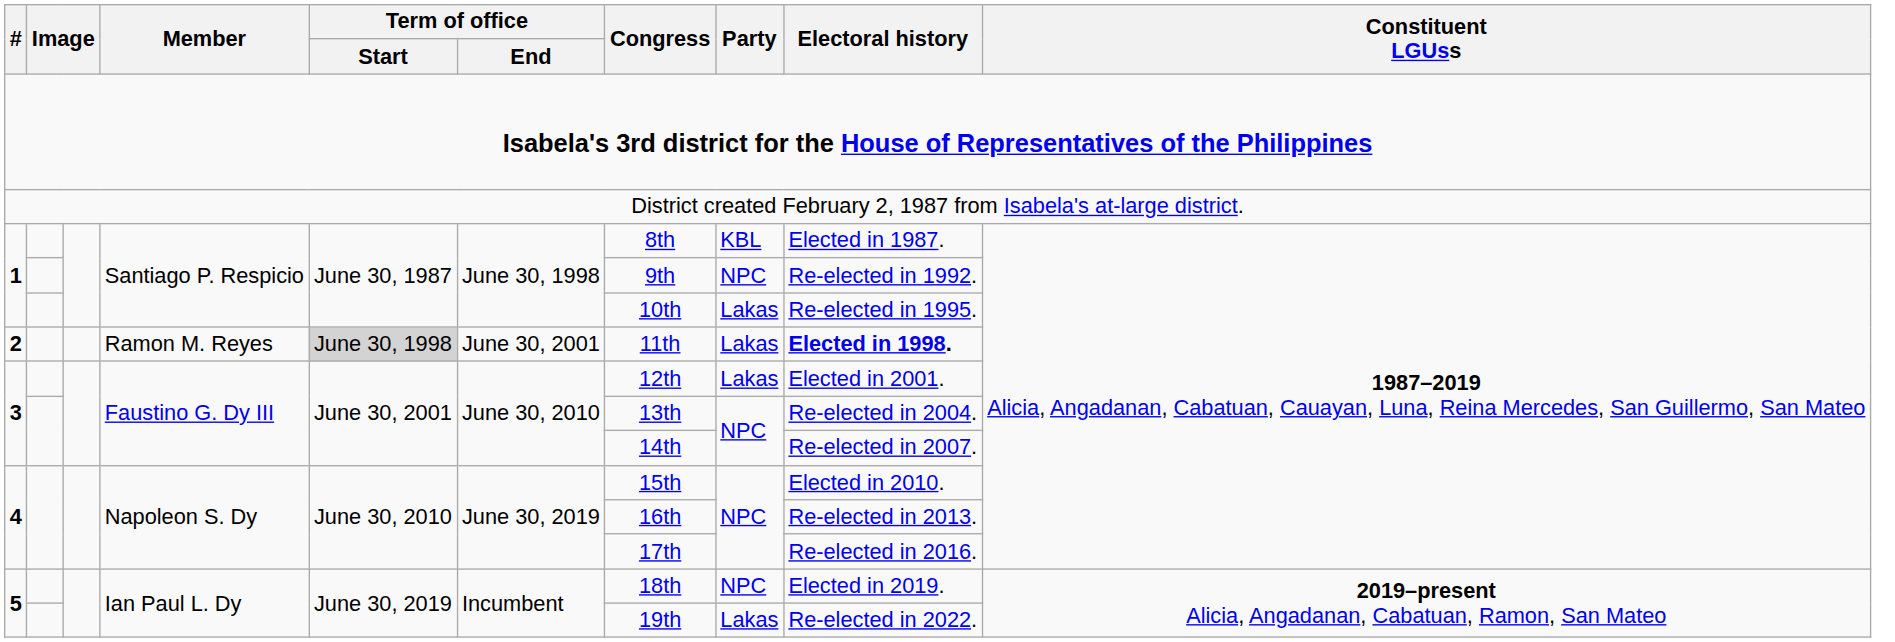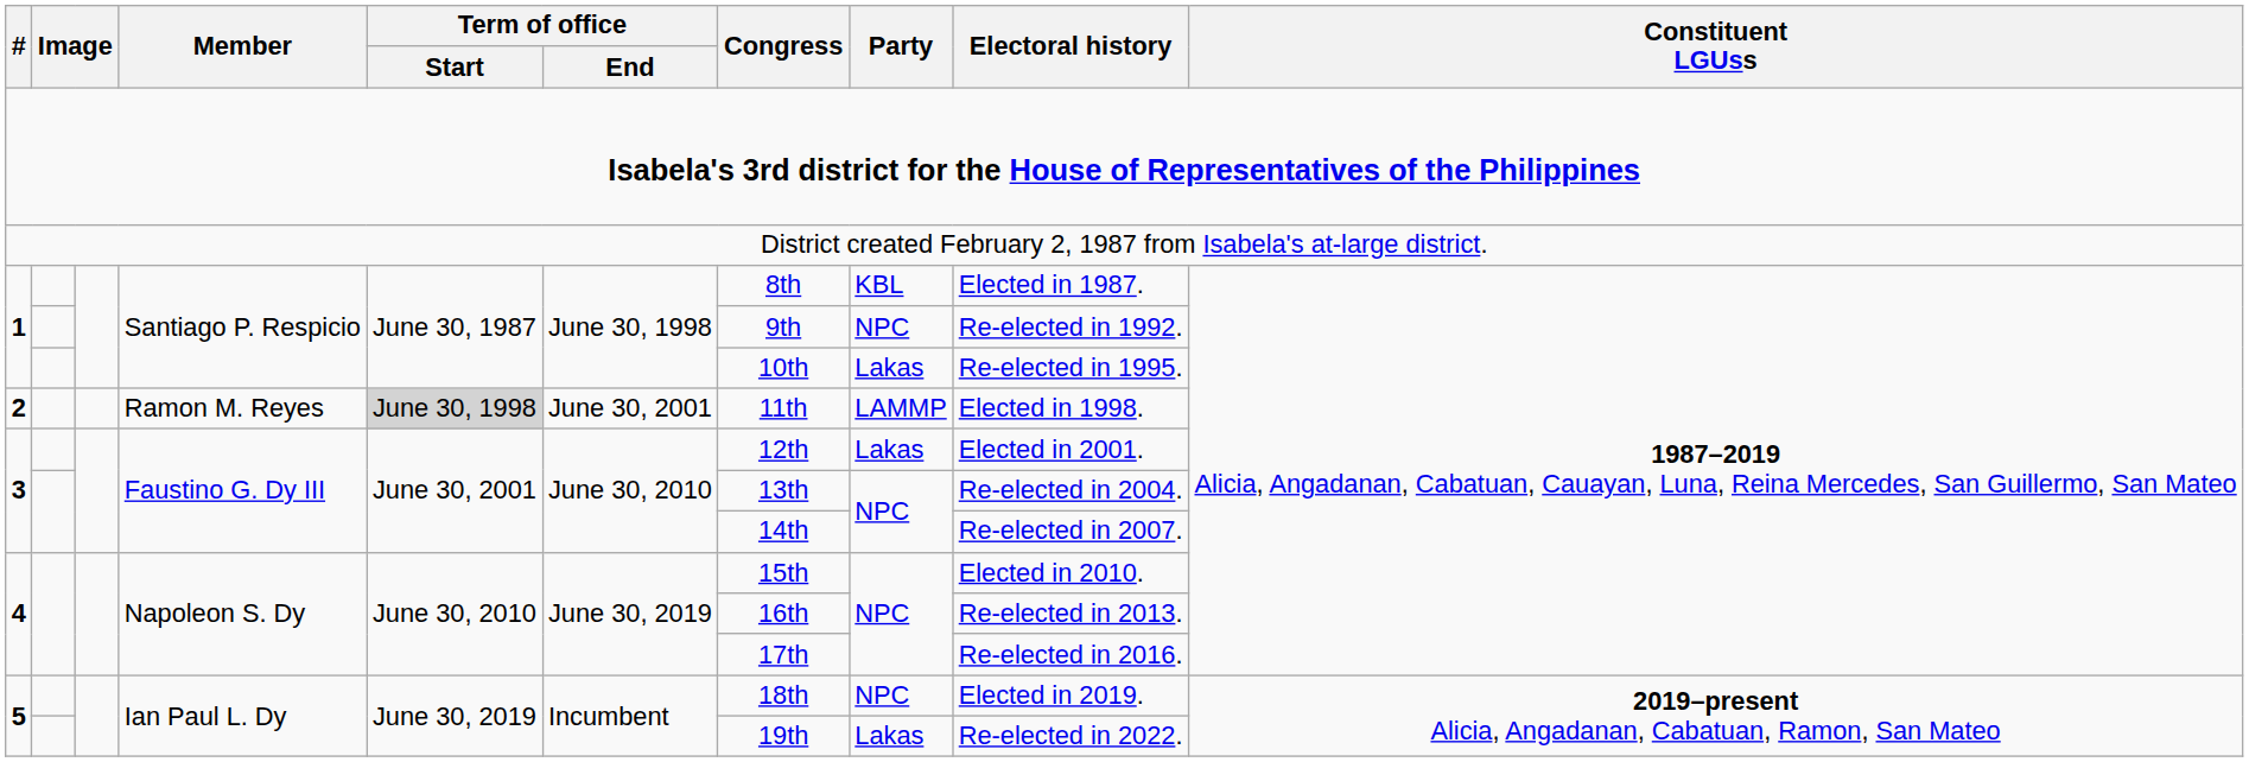 <table class=wikitable>
 <tr>
 <th rowspan="2">#</th>
 <th rowspan="2" colspan=2>Image</th>
 <th rowspan="2">Member</th>
 <th colspan=2>Term of office</th>
 <th rowspan="2">Congress</th>
 <th rowspan="2">Party</th>
 <th rowspan="2">Electoral history</th>
 <th rowspan="2">Constituent<br><a href='#'>LGUs</a>s</th>
 </tr>
 <tr>
 <th>Start</th>
 <th>End</th>
 </tr>
 <tr>
 <td colspan="10" style="text-align:center;"><br><h3>Isabela's 3rd district for the <a href='#'>House of Representatives of the Philippines</a></h3></td>
 </tr>
 <tr>
 <td colspan="10" style="text-align:center;">District created February 2, 1987 from <a href='#'>Isabela's at-large district</a>.</td>
 </tr>
 <tr>
 <td rowspan="3" style="text-align:center;"><strong>1</strong></td>
 <td style="color:inherit;background:"></td>
 <td rowspan="3"></td>
 <td rowspan="3">Santiago P. Respicio</td>
 <td rowspan="3">June 30, 1987</td>
 <td rowspan="3">June 30, 1998</td>
 <td style="text-align:center;"><a href='#'>8th</a></td>
 <td><a href='#'>KBL</a></td>
 <td><a href='#'>Elected in 1987</a>.</td>
 <td rowspan="10" style="text-align:center;"><strong>1987–2019</strong><br><a href='#'>Alicia</a>, <a href='#'>Angadanan</a>, <a href='#'>Cabatuan</a>, <a href='#'>Cauayan</a>, <a href='#'>Luna</a>, <a href='#'>Reina Mercedes</a>, <a href='#'>San Guillermo</a>, <a href='#'>San Mateo</a></td>
 </tr>
 <tr>
 <td style="color:inherit;background:"></td>
 <td style="text-align:center;"><a href='#'>9th</a></td>
 <td><a href='#'>NPC</a></td>
 <td><a href='#'>Re-elected in 1992</a>.</td>
 </tr>
 <tr>
 <td style="color:inherit;background:"></td>
 <td style="text-align:center;"><a href='#'>10th</a></td>
 <td><a href='#'>Lakas</a></td>
 <td><a href='#'>Re-elected in 1995</a>.</td>
 </tr>
 <tr>
 <td style="text-align:center;"><strong>2</strong></td>
 <td style="color:inherit;background:"></td>
 <td></td>
 <td>Ramon M. Reyes</td>
 <td style="background: lightgrey;">June 30, 1998</td>
 <td>June 30, 2001</td>
 <td style="text-align:center;"><a href='#'>11th</a></td>
-<td><a href='#'>Lakas</a></td>
-<td><strong><a href='#'>Elected in 1998</a>.</strong></td>
+<td><a href='#'>LAMMP</a></td>
+<td><a href='#'>Elected in 1998</a>.</td>
 </tr>
 <tr>
 <td rowspan="3" style="text-align:center;"><strong>3</strong></td>
 <td style="color:inherit;background:"></td>
 <td rowspan="3"></td>
 <td rowspan="3"><a href='#'>Faustino G. Dy III</a></td>
 <td rowspan="3">June 30, 2001</td>
 <td rowspan="3">June 30, 2010</td>
 <td style="text-align:center;"><a href='#'>12th</a></td>
 <td><a href='#'>Lakas</a></td>
 <td><a href='#'>Elected in 2001</a>.</td>
 </tr>
 <tr>
 <td rowspan="2" style="color:inherit;background:"></td>
 <td style="text-align:center;"><a href='#'>13th</a></td>
 <td rowspan="2"><a href='#'>NPC</a></td>
 <td><a href='#'>Re-elected in 2004</a>.</td>
 </tr>
 <tr>
 <td style="text-align:center;"><a href='#'>14th</a></td>
 <td><a href='#'>Re-elected in 2007</a>.</td>
 </tr>
 <tr>
 <td rowspan="3" style="text-align:center;"><strong>4</strong></td>
 <td rowspan="3" style="color:inherit;background:"></td>
 <td rowspan="3"></td>
 <td rowspan="3">Napoleon S. Dy</td>
 <td rowspan="3">June 30, 2010</td>
 <td rowspan="3">June 30, 2019</td>
 <td style="text-align:center;"><a href='#'>15th</a></td>
 <td rowspan="3"><a href='#'>NPC</a></td>
 <td><a href='#'>Elected in 2010</a>.</td>
 </tr>
 <tr>
 <td style="text-align:center;"><a href='#'>16th</a></td>
 <td><a href='#'>Re-elected in 2013</a>.</td>
 </tr>
 <tr>
 <td style="text-align:center;"><a href='#'>17th</a></td>
 <td><a href='#'>Re-elected in 2016</a>.</td>
 </tr>
 <tr>
 <td rowspan="2" style="text-align:center;"><strong>5</strong></td>
 <td style="color:inherit;background:"></td>
 <td rowspan="2"></td>
 <td rowspan="2">Ian Paul L. Dy</td>
 <td rowspan="2">June 30, 2019</td>
 <td rowspan="2">Incumbent</td>
 <td style="text-align:center;"><a href='#'>18th</a></td>
 <td><a href='#'>NPC</a></td>
 <td><a href='#'>Elected in 2019</a>.</td>
 <td rowspan="2" style="text-align:center;"><strong>2019–present</strong><br><a href='#'>Alicia</a>, <a href='#'>Angadanan</a>, <a href='#'>Cabatuan</a>, <a href='#'>Ramon</a>, <a href='#'>San Mateo</a></td>
 </tr>
 <tr>
 <td style="color:inherit;background:"></td>
 <td style="text-align:center;"><a href='#'>19th</a></td>
 <td><a href='#'>Lakas</a></td>
 <td><a href='#'>Re-elected in 2022</a>.</td>
 </tr>
 </table>
